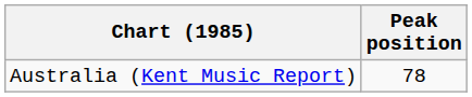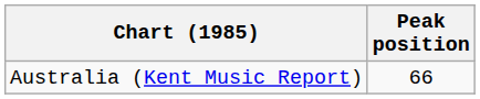 <table class="wikitable">
 <tr>
 <th scope="col">Chart (1985)</th>
 <th>Peak<br>position</th>
 </tr>
 <tr>
 <td>Australia (<a href='#'>Kent Music Report</a>)</td>
-<td style="text-align:center;">78</td>
+<td style="text-align:center;">66</td>
 </tr>
 </table>
